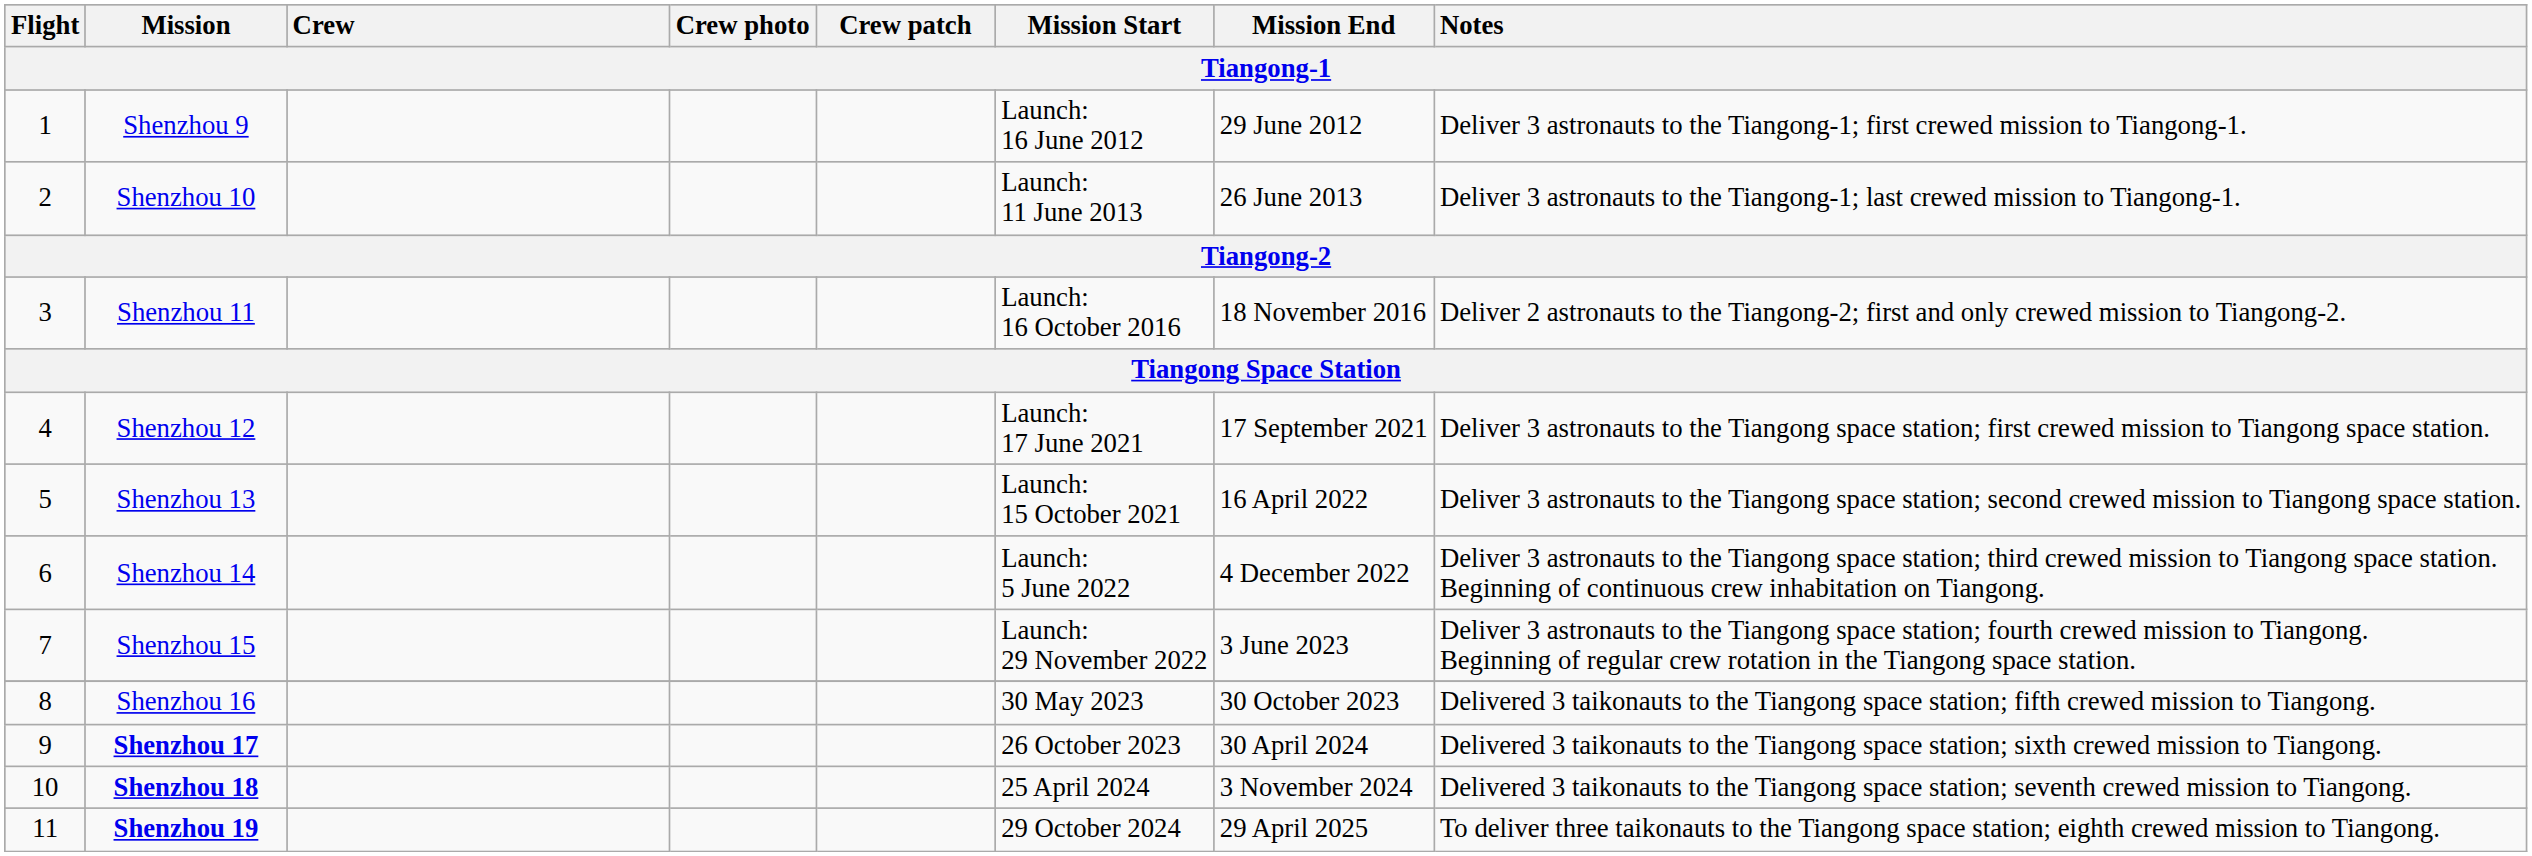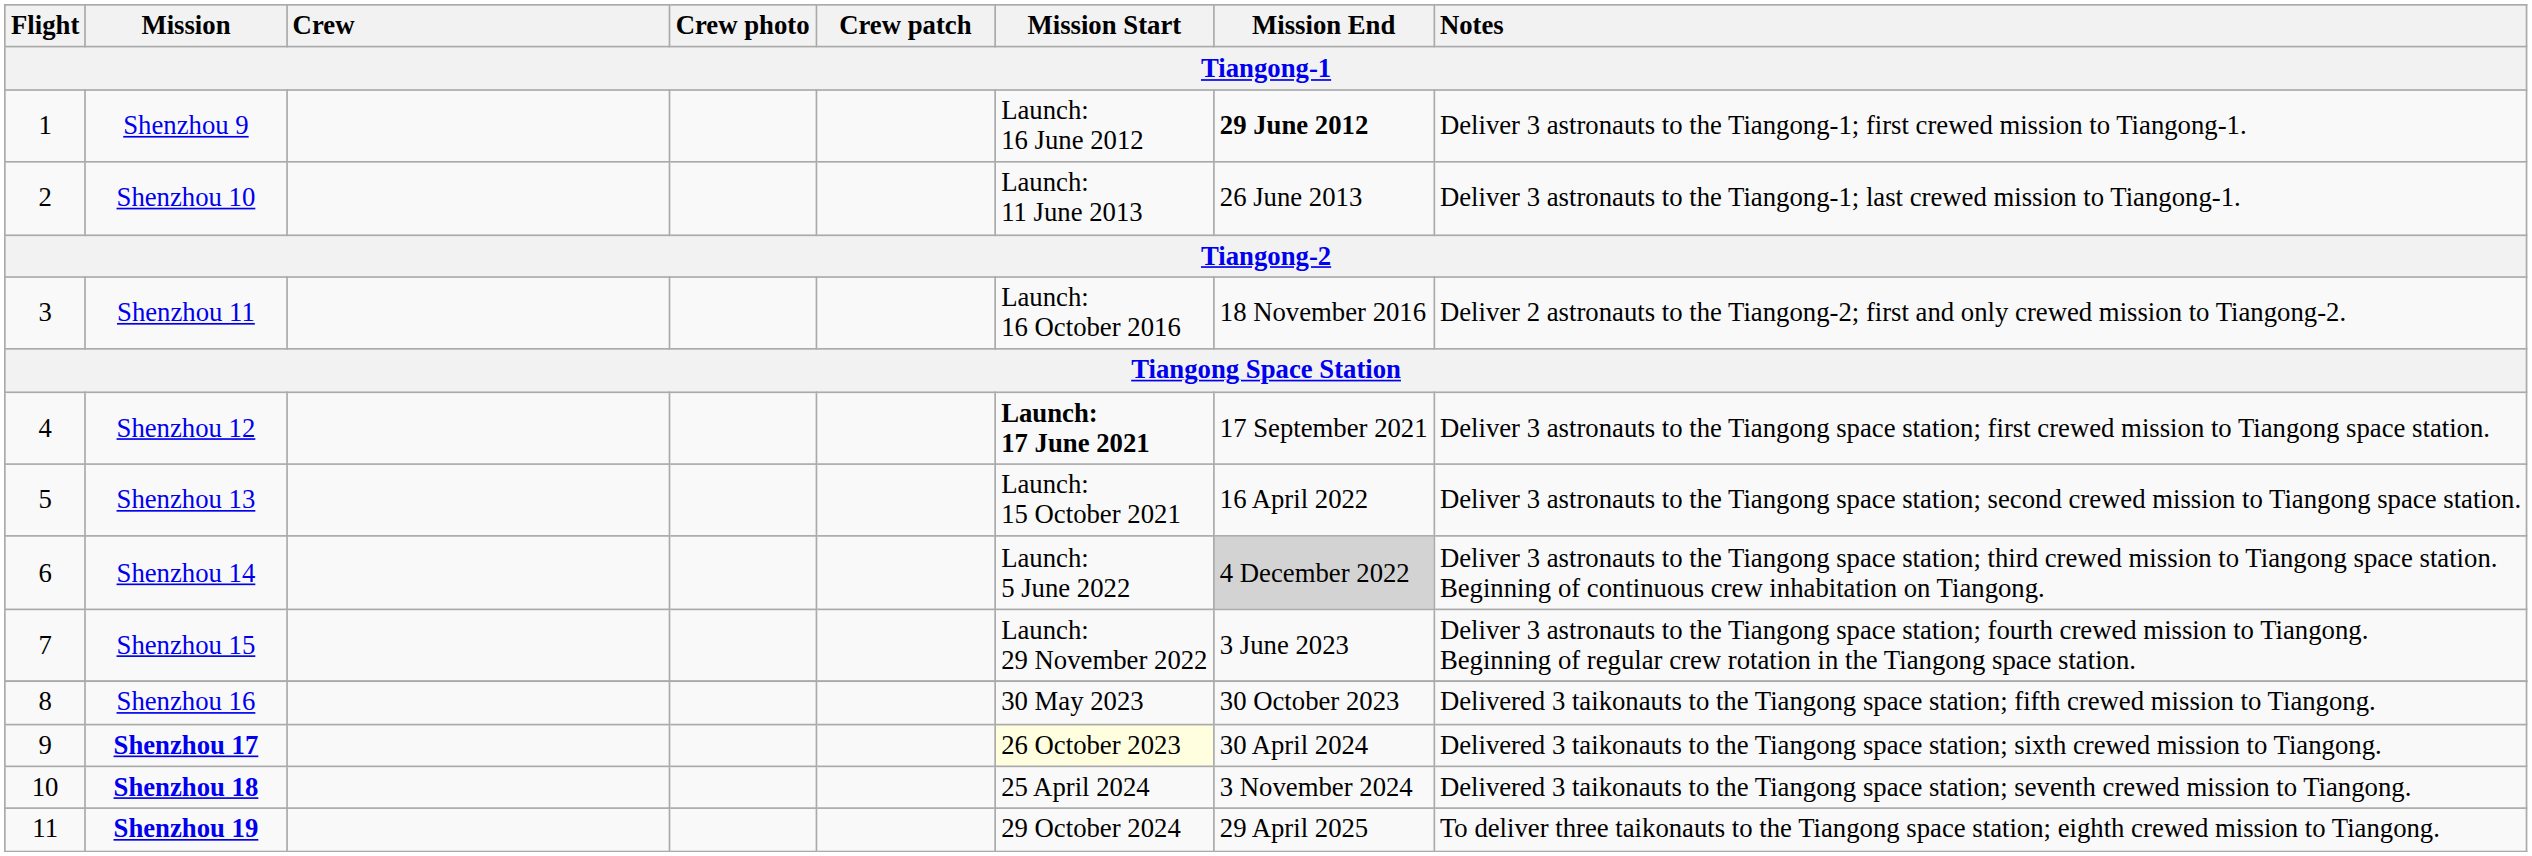 <table class="wikitable sticky-header">
 <tr>
 <th>Flight</th>
 <th style="width:113px;">Mission</th>
 <th style="text-align:left; width:222px;">Crew</th>
 <th>Crew photo</th>
 <th style="width:100px;">Crew patch</th>
 <th>Mission Start</th>
 <th>Mission End</th>
 <th style="text-align:left">Notes</th>
 </tr>
 <tr>
 <th style="text-align:center;" colspan=8><a href='#'>Tiangong-1</a></th>
 </tr>
 <tr>
 <td style="text-align:center;">1</td>
 <td style="text-align:center;"><a href='#'>Shenzhou 9</a></td>
 <td></td>
 <td></td>
 <td></td>
 <td>Launch:<br>16 June 2012</td>
-<td>29 June 2012</td>
+<td><strong>29 June 2012</strong></td>
 <td>Deliver 3 astronauts to the Tiangong-1; first crewed mission to Tiangong-1.</td>
 </tr>
 <tr>
 <td style="text-align:center;">2</td>
 <td style="text-align:center;"><a href='#'>Shenzhou 10</a></td>
 <td></td>
 <td></td>
 <td></td>
 <td>Launch:<br>11 June 2013</td>
 <td>26 June 2013</td>
 <td>Deliver 3 astronauts to the Tiangong-1; last crewed mission to Tiangong-1.</td>
 </tr>
 <tr>
 <th style="text-align:center;" colspan=8><a href='#'>Tiangong-2</a></th>
 </tr>
 <tr>
 <td style="text-align:center;">3</td>
 <td style="text-align:center;"><a href='#'>Shenzhou 11</a></td>
 <td></td>
 <td></td>
 <td></td>
 <td>Launch:<br>16 October 2016</td>
 <td>18 November 2016</td>
 <td>Deliver 2 astronauts to the Tiangong-2; first and only crewed mission to Tiangong-2.</td>
 </tr>
 <tr>
 <th style="text-align:center;" colspan=8><a href='#'>Tiangong Space Station</a></th>
 </tr>
 <tr>
 <td style="text-align:center;">4</td>
 <td style="text-align:center;"><a href='#'>Shenzhou 12</a></td>
 <td></td>
 <td></td>
 <td></td>
-<td>Launch:<br>17 June 2021</td>
+<td><strong>Launch:<br>17 June 2021</strong></td>
 <td>17 September 2021</td>
 <td>Deliver 3 astronauts to the Tiangong space station; first crewed mission to Tiangong space station.</td>
 </tr>
 <tr>
 <td style="text-align:center;">5</td>
 <td style="text-align:center;"><a href='#'>Shenzhou 13</a></td>
 <td></td>
 <td></td>
 <td></td>
 <td>Launch:<br>15 October 2021</td>
 <td>16 April 2022</td>
 <td>Deliver 3 astronauts to the Tiangong space station; second crewed mission to Tiangong space station.</td>
 </tr>
 <tr>
 <td style="text-align:center;">6</td>
 <td style="text-align:center;"><a href='#'>Shenzhou 14</a></td>
 <td></td>
 <td></td>
 <td></td>
 <td>Launch:<br>5 June 2022</td>
-<td>4 December 2022</td>
+<td style="background: lightgrey;">4 December 2022</td>
 <td>Deliver 3 astronauts to the Tiangong space station; third crewed mission to Tiangong space station.<br>Beginning of continuous crew inhabitation on Tiangong.</td>
 </tr>
 <tr>
 <td style="text-align:center;">7</td>
 <td style="text-align:center;"><a href='#'>Shenzhou 15</a></td>
 <td></td>
 <td></td>
 <td></td>
 <td>Launch:<br>29 November 2022</td>
 <td>3 June 2023</td>
 <td>Deliver 3 astronauts to the Tiangong space station; fourth crewed mission to Tiangong.<br>Beginning of regular crew rotation in the Tiangong space station.</td>
 </tr>
 <tr>
 </tr>
 <tr>
 <td style="text-align:center;">8</td>
 <td style="text-align:center;"><a href='#'>Shenzhou 16</a></td>
 <td></td>
 <td></td>
 <td></td>
 <td>30 May 2023</td>
 <td>30 October 2023</td>
 <td>Delivered 3 taikonauts to the Tiangong space station; fifth crewed mission to Tiangong.</td>
 </tr>
 <tr>
 <td style="text-align:center;">9</td>
 <td style="text-align:center;"><strong><a href='#'>Shenzhou 17</a></strong></td>
 <td></td>
 <td></td>
 <td></td>
-<td>26 October 2023</td>
+<td style="background: lightyellow;">26 October 2023</td>
 <td>30 April 2024</td>
 <td>Delivered 3 taikonauts to the Tiangong space station; sixth crewed mission to Tiangong.</td>
 </tr>
 <tr>
 <td style="text-align:center;">10</td>
 <td style="text-align:center;"><strong><a href='#'>Shenzhou 18</a></strong></td>
 <td></td>
 <td></td>
 <td></td>
 <td>25 April 2024</td>
 <td>3 November 2024</td>
 <td>Delivered 3 taikonauts to the Tiangong space station; seventh crewed mission to Tiangong.</td>
 </tr>
 <tr>
 <td style="text-align:center;">11</td>
 <td style="text-align:center;"><strong><a href='#'>Shenzhou 19</a></strong></td>
 <td></td>
 <td></td>
 <td></td>
 <td>29 October 2024</td>
 <td>29 April 2025</td>
 <td>To deliver three taikonauts to the Tiangong space station; eighth crewed mission to Tiangong.</td>
 </tr>
 </table>
